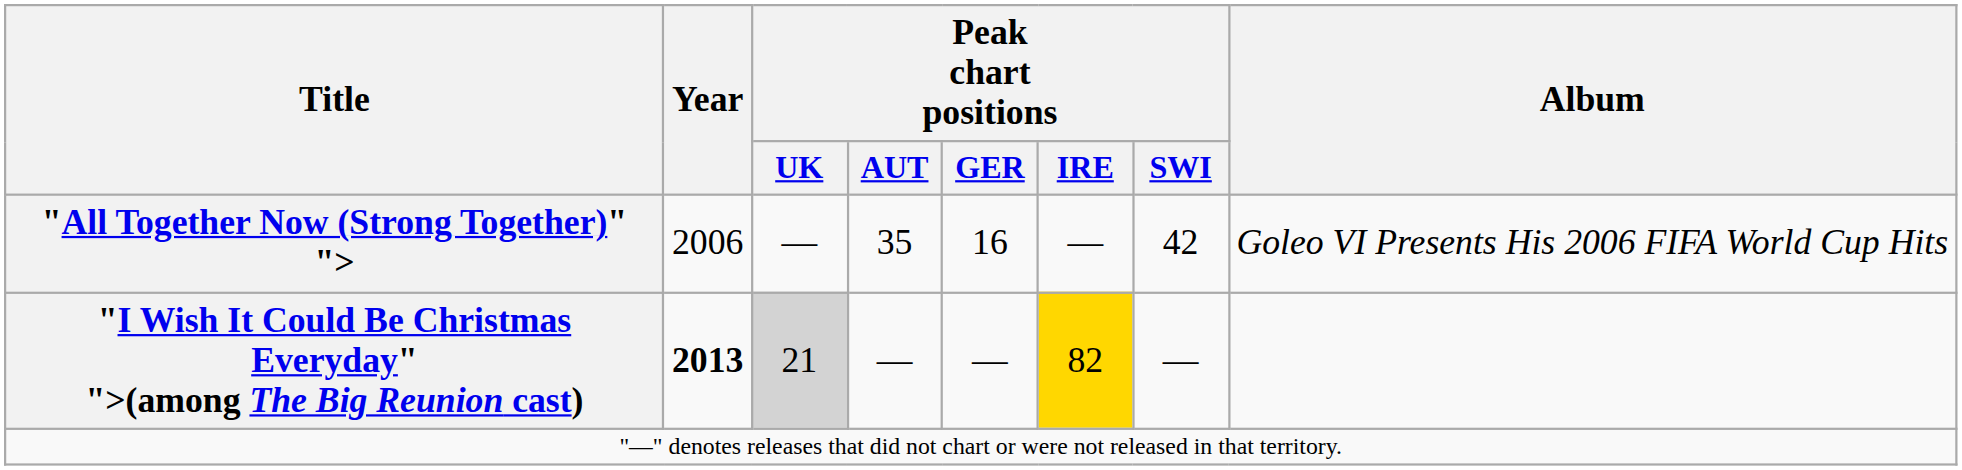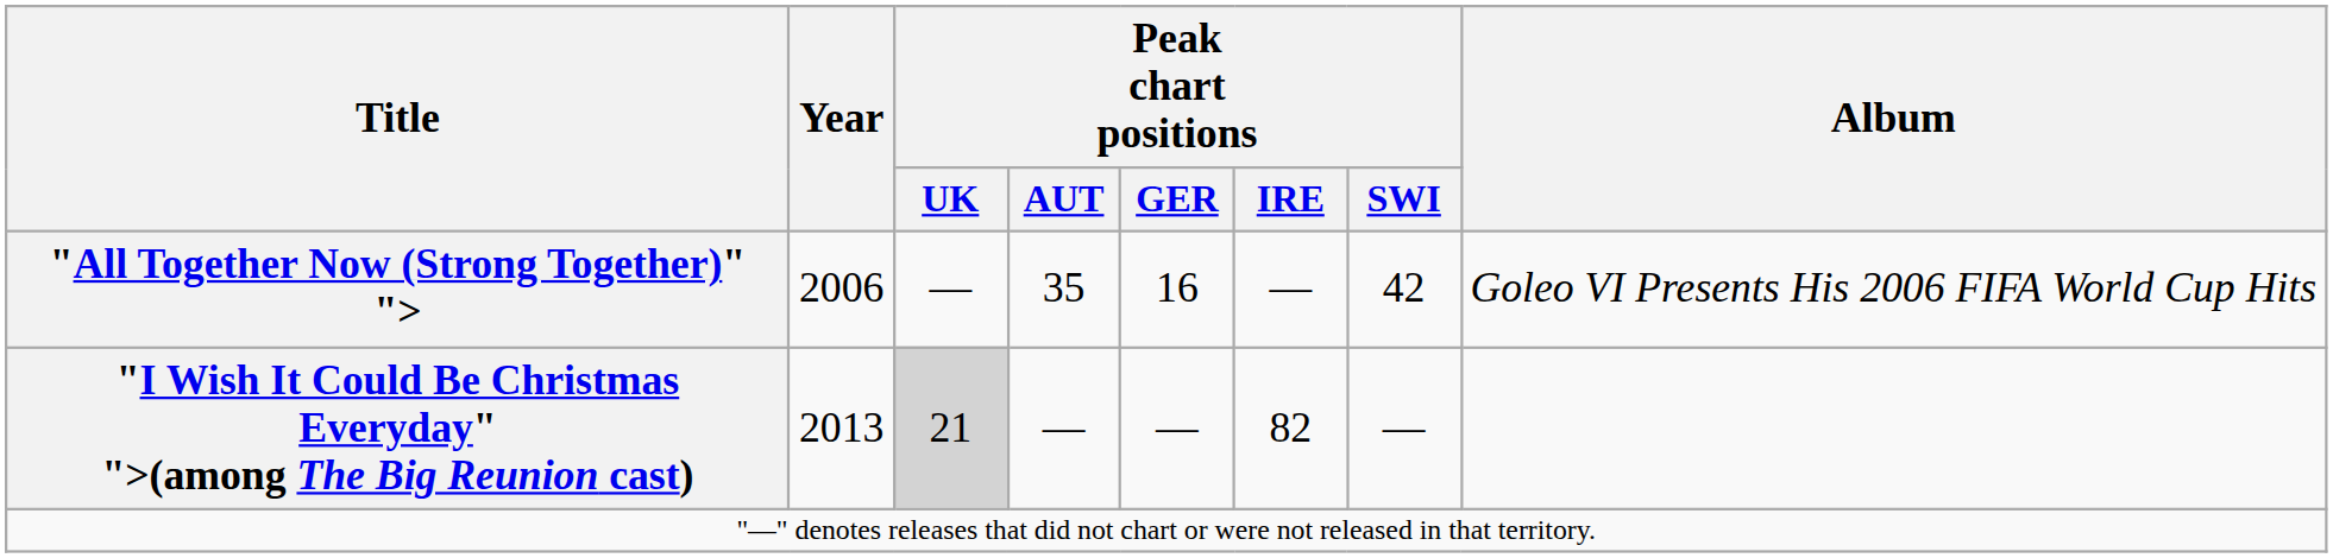 <table class="wikitable plainrowheaders" style="text-align:center;" border="1">
 <tr>
 <th scope="col" rowspan="2" style="width:18em;">Title</th>
 <th scope="col" rowspan="2">Year</th>
 <th scope="col" colspan="5">Peak<br>chart<br>positions</th>
 <th scope="col" rowspan="2">Album</th>
 </tr>
 <tr>
 <th scope="col" style="width:2.5em;font-size:90%;"><a href='#'>UK</a><br></th>
 <th scope="col" style="width:2.5em;font-size:90%;"><a href='#'>AUT</a><br></th>
 <th scope="col" style="width:2.5em;font-size:90%;"><a href='#'>GER</a><br></th>
 <th scope="col" style="width:2.5em;font-size:90%;"><a href='#'>IRE</a><br></th>
 <th scope="col" style="width:2.5em;font-size:90%;"><a href='#'>SWI</a><br></th>
 </tr>
 <tr>
 <th scope="row">"<a href='#'>All Together Now (Strong Together)</a>"<br><span>"></span></th>
 <td>2006</td>
 <td>—</td>
 <td>35</td>
 <td>16</td>
 <td>—</td>
 <td>42</td>
 <td><em>Goleo VI Presents His 2006 FIFA World Cup Hits</em></td>
 </tr>
 <tr>
 <th scope="row">"<a href='#'>I Wish It Could Be Christmas Everyday</a>"<br><span>">(among <a href='#'><em>The Big Reunion</em> cast</a>)</span></th>
-<td><strong>2013</strong></td>
+<td>2013</td>
 <td style="background: lightgrey;">21</td>
 <td>—</td>
 <td>—</td>
-<td style="background: gold;">82</td>
+<td>82</td>
 <td>—</td>
 <td></td>
 </tr>
 <tr>
 <td align="center" colspan="15" style="font-size:8pt">"—" denotes releases that did not chart or were not released in that territory.</td>
 </tr>
 </table>
